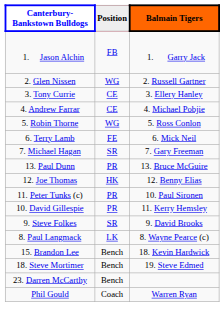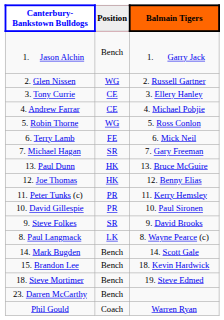 <table class="wikitable" style="float:right; font-size:90%; margin-left:1em;">
 <tr style="background:#f03;">
 <th style="width:140px; border:3px solid blue; background: white; color: blue">Canterbury-Bankstown Bulldogs</th>
 <th style="width:40px; text-align:center; background:#eee; color:black;">Position</th>
 <th style="width:140px; border:3px solid black; background: #f60; color: black">Balmain Tigers</th>
 </tr>
 <tr align=center>
 <td><br><ol><li><a href='#'>Jason Alchin</a></li></ol></td>
-<td><a href='#'>FB</a></td>
+<td>Bench</td>
 <td><br><ol><li><a href='#'>Garry Jack</a></li></ol></td>
 </tr>
 <tr align=center>
 <td>2. <a href='#'>Glen Nissen</a></td>
 <td><a href='#'>WG</a></td>
 <td>2. <a href='#'>Russell Gartner</a></td>
 </tr>
 <tr align=center>
 <td>3. <a href='#'>Tony Currie</a></td>
 <td><a href='#'>CE</a></td>
 <td>3. <a href='#'>Ellery Hanley</a></td>
 </tr>
 <tr align=center>
 <td>4. <a href='#'>Andrew Farrar</a></td>
 <td><a href='#'>CE</a></td>
 <td>4. <a href='#'>Michael Pobjie</a></td>
 </tr>
 <tr align=center>
 <td>5. <a href='#'>Robin Thorne</a></td>
 <td><a href='#'>WG</a></td>
 <td>5. <a href='#'>Ross Conlon</a></td>
 </tr>
 <tr align=center>
 <td>6. <a href='#'>Terry Lamb</a></td>
 <td><a href='#'>FE</a></td>
 <td>6. <a href='#'>Mick Neil</a></td>
 </tr>
 <tr align=center>
 <td>7. <a href='#'>Michael Hagan</a></td>
 <td><a href='#'>SR</a></td>
 <td>7. <a href='#'>Gary Freeman</a></td>
 </tr>
 <tr align=center>
 <td>13. <a href='#'>Paul Dunn</a></td>
-<td><a href='#'>PR</a></td>
+<td><a href='#'>HK</a></td>
 <td>13. <a href='#'>Bruce McGuire</a></td>
 </tr>
 <tr align=center>
 <td>12. <a href='#'>Joe Thomas</a></td>
 <td><a href='#'>HK</a></td>
 <td>12. <a href='#'>Benny Elias</a></td>
 </tr>
 <tr align=center>
 <td>11. <a href='#'>Peter Tunks</a> (c)</td>
 <td><a href='#'>PR</a></td>
-<td>10. <a href='#'>Paul Sironen</a></td>
+<td>11. <a href='#'>Kerry Hemsley</a></td>
 </tr>
 <tr align=center>
 <td>10. <a href='#'>David Gillespie</a></td>
 <td><a href='#'>PR</a></td>
-<td>11. <a href='#'>Kerry Hemsley</a></td>
+<td>10. <a href='#'>Paul Sironen</a></td>
 </tr>
 <tr align=center>
 <td>9. <a href='#'>Steve Folkes</a></td>
 <td><a href='#'>SR</a></td>
 <td>9. <a href='#'>David Brooks</a></td>
 </tr>
 <tr align=center>
 <td>8. <a href='#'>Paul Langmack</a></td>
 <td><a href='#'>LK</a></td>
 <td>8. <a href='#'>Wayne Pearce</a> (c)</td>
+</tr>
+<tr align=center>
+<td>14. <a href='#'>Mark Bugden</a></td>
+<td>Bench</td>
+<td>14. <a href='#'>Scott Gale</a></td>
 </tr>
 <tr align=center>
 <td>15. <a href='#'>Brandon Lee</a></td>
 <td>Bench</td>
 <td>18. <a href='#'>Kevin Hardwick</a></td>
 </tr>
 <tr align=center>
 <td>18. <a href='#'>Steve Mortimer</a></td>
 <td>Bench</td>
 <td>19. <a href='#'>Steve Edmed</a></td>
 </tr>
 <tr align=center>
 <td>23. <a href='#'>Darren McCarthy</a></td>
 <td>Bench</td>
 <td></td>
 </tr>
 <tr align=center>
 <td><a href='#'>Phil Gould</a></td>
 <td>Coach</td>
 <td><a href='#'>Warren Ryan</a></td>
 </tr>
 </table>
